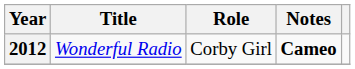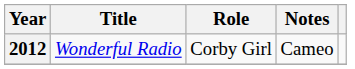 <table class="wikitable sortable plainrowheaders">
 <tr>
 <th scope="col">Year</th>
 <th scope="col">Title</th>
 <th scope="col">Role</th>
 <th scope="col">Notes</th>
 <th scope="col" class="unsortable"></th>
 </tr>
 <tr>
 <th scope="row">2012</th>
 <td><em><a href='#'>Wonderful Radio</a></em></td>
 <td>Corby Girl</td>
-<td><strong>Cameo</strong></td>
+<td>Cameo</td>
 <td></td>
 </tr>
 <tr>
 </tr>
 </table>
